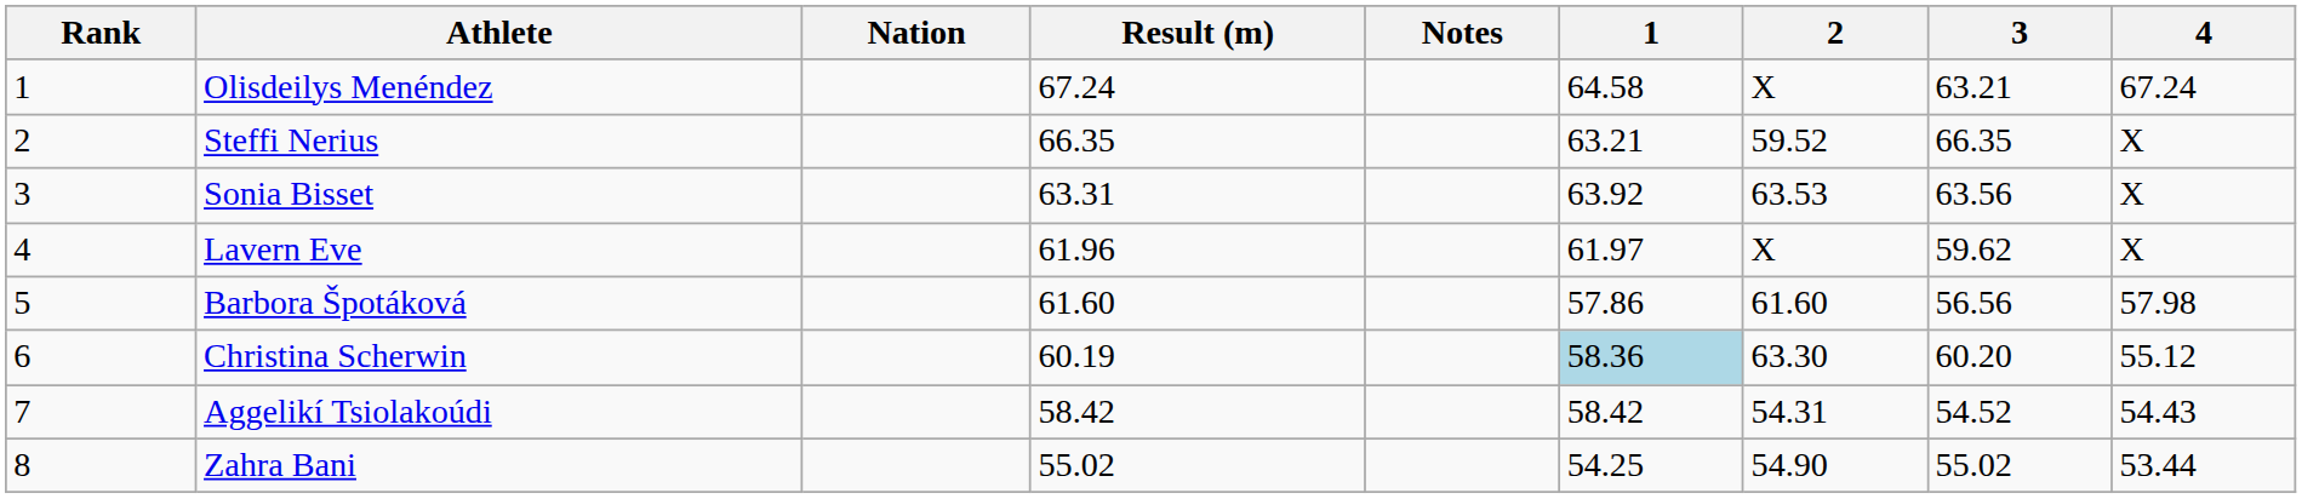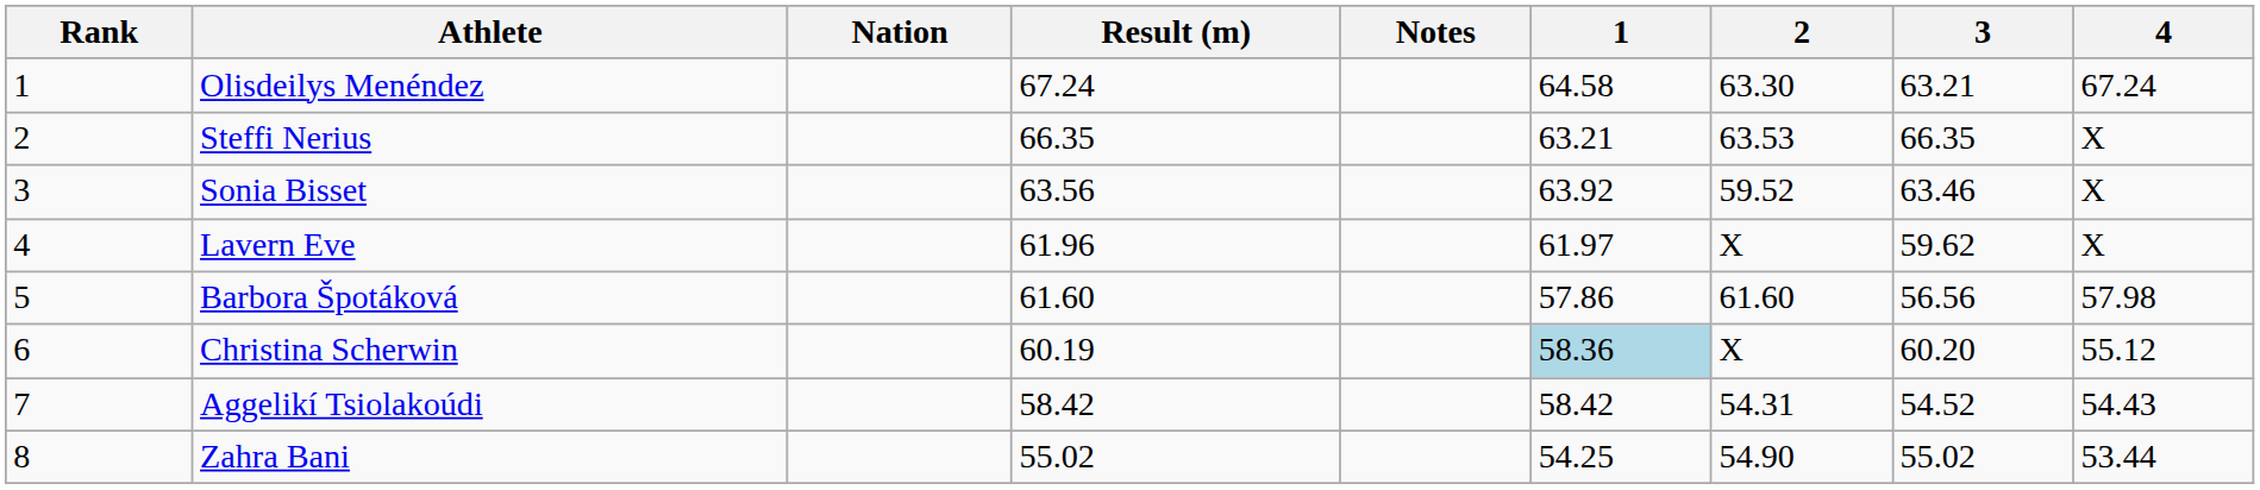 <table class="wikitable" style="text=align:center;" width=85%>
 <tr>
 <th>Rank</th>
 <th>Athlete</th>
 <th>Nation</th>
 <th>Result (m)</th>
 <th>Notes</th>
 <th>1</th>
 <th>2</th>
 <th>3</th>
 <th>4</th>
 </tr>
 <tr>
 <td>1</td>
 <td><a href='#'>Olisdeilys Menéndez</a></td>
 <td></td>
 <td>67.24</td>
 <td></td>
 <td>64.58</td>
-<td>X</td>
+<td>63.30</td>
 <td>63.21</td>
 <td>67.24</td>
 </tr>
 <tr>
 <td>2</td>
 <td><a href='#'>Steffi Nerius</a></td>
 <td></td>
 <td>66.35</td>
 <td></td>
 <td>63.21</td>
-<td>59.52</td>
+<td>63.53</td>
 <td>66.35</td>
 <td>X</td>
 </tr>
 <tr>
 <td>3</td>
 <td><a href='#'>Sonia Bisset</a></td>
 <td></td>
-<td>63.31</td>
+<td>63.56</td>
 <td></td>
 <td>63.92</td>
-<td>63.53</td>
-<td>63.56</td>
+<td>59.52</td>
+<td>63.46</td>
 <td>X</td>
 </tr>
 <tr>
 <td>4</td>
 <td><a href='#'>Lavern Eve</a></td>
 <td></td>
 <td>61.96</td>
 <td></td>
 <td>61.97</td>
 <td>X</td>
 <td>59.62</td>
 <td>X</td>
 </tr>
 <tr>
 <td>5</td>
 <td><a href='#'>Barbora Špotáková</a></td>
 <td></td>
 <td>61.60</td>
 <td></td>
 <td>57.86</td>
 <td>61.60</td>
 <td>56.56</td>
 <td>57.98</td>
 </tr>
 <tr>
 <td>6</td>
 <td><a href='#'>Christina Scherwin</a></td>
 <td></td>
 <td>60.19</td>
 <td></td>
 <td style="background: lightblue;">58.36</td>
-<td>63.30</td>
+<td>X</td>
 <td>60.20</td>
 <td>55.12</td>
 </tr>
 <tr>
 <td>7</td>
 <td><a href='#'>Aggelikí Tsiolakoúdi</a></td>
 <td></td>
 <td>58.42</td>
 <td></td>
 <td>58.42</td>
 <td>54.31</td>
 <td>54.52</td>
 <td>54.43</td>
 </tr>
 <tr>
 <td>8</td>
 <td><a href='#'>Zahra Bani</a></td>
 <td></td>
 <td>55.02</td>
 <td></td>
 <td>54.25</td>
 <td>54.90</td>
 <td>55.02</td>
 <td>53.44</td>
 </tr>
 </table>
